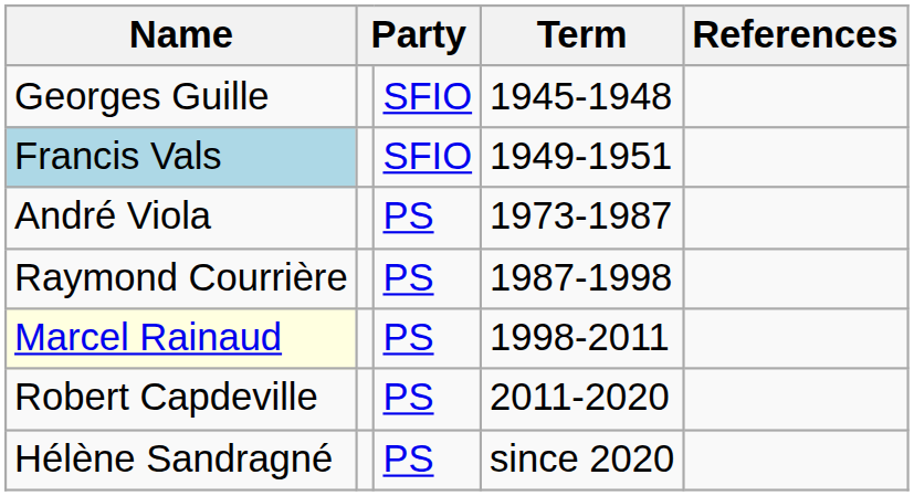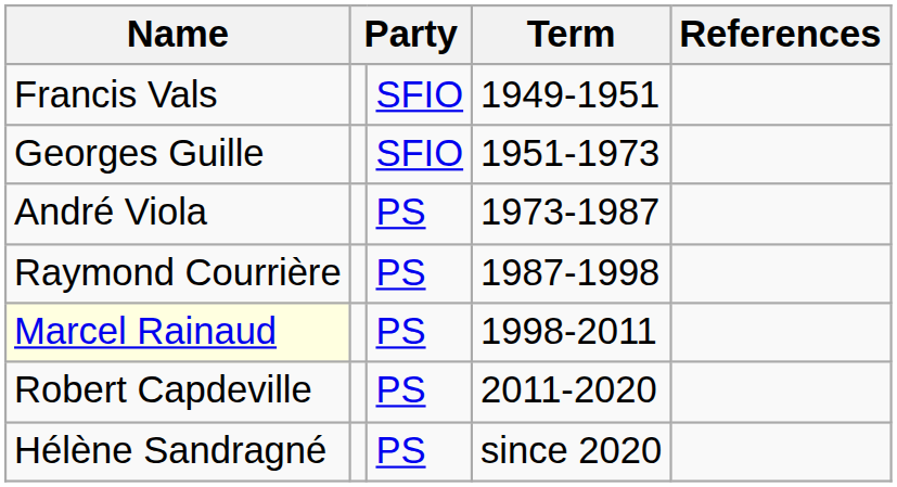 <table class="wikitable">
 <tr>
 <th>Name</th>
 <th colspan="2">Party</th>
 <th>Term</th>
 <th>References</th>
 </tr>
 <tr>
+<td>Francis Vals</td>
+<td style="color:inherit;background:"></td>
+<td><a href='#'>SFIO</a></td>
+<td>1949-1951</td>
+<td></td>
+</tr>
+<tr>
 <td>Georges Guille</td>
 <td style="color:inherit;background:"></td>
 <td><a href='#'>SFIO</a></td>
-<td>1945-1948</td>
-<td></td>
-</tr>
-<tr>
-<td style="background: lightblue;">Francis Vals</td>
-<td style="color:inherit;background:"></td>
-<td><a href='#'>SFIO</a></td>
-<td>1949-1951</td>
+<td>1951-1973</td>
 <td></td>
 </tr>
 <tr>
 <td>André Viola</td>
 <td style="color:inherit;background:"></td>
 <td><a href='#'>PS</a></td>
 <td>1973-1987</td>
 <td></td>
 </tr>
 <tr>
 <td>Raymond Courrière</td>
 <td style="color:inherit;background:"></td>
 <td><a href='#'>PS</a></td>
 <td>1987-1998</td>
 <td></td>
 </tr>
 <tr>
 <td style="background: lightyellow;"><a href='#'>Marcel Rainaud</a></td>
 <td style="color:inherit;background:"></td>
 <td><a href='#'>PS</a></td>
 <td>1998-2011</td>
 <td></td>
 </tr>
 <tr>
 <td>Robert Capdeville</td>
 <td style="color:inherit;background:"></td>
 <td><a href='#'>PS</a></td>
 <td>2011-2020</td>
 <td></td>
 </tr>
 <tr>
 <td>Hélène Sandragné</td>
 <td style="color:inherit;background:"></td>
 <td><a href='#'>PS</a></td>
 <td>since 2020</td>
 <td></td>
 </tr>
 </table>
